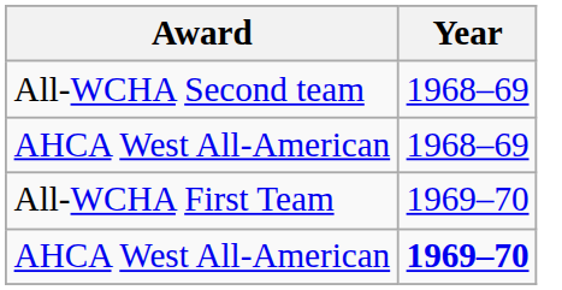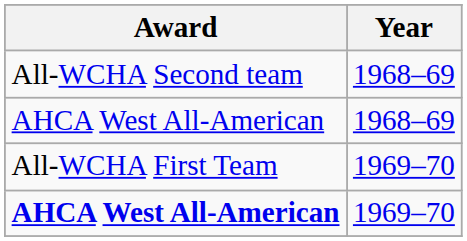 <table class="wikitable">
 <tr>
 <th>Award</th>
 <th>Year</th>
 </tr>
 <tr>
 <td>All-<a href='#'>WCHA</a> <a href='#'>Second team</a></td>
 <td><a href='#'>1968–69</a></td>
 </tr>
 <tr>
 <td><a href='#'>AHCA</a> <a href='#'>West All-American</a></td>
 <td><a href='#'>1968–69</a></td>
 </tr>
 <tr>
 <td>All-<a href='#'>WCHA</a> <a href='#'>First Team</a></td>
 <td><a href='#'>1969–70</a></td>
 </tr>
 <tr>
-<td><a href='#'>AHCA</a> <a href='#'>West All-American</a></td>
-<td><strong><a href='#'>1969–70</a></strong></td>
+<td><strong><a href='#'>AHCA</a> <a href='#'>West All-American</a></strong></td>
+<td><a href='#'>1969–70</a></td>
 </tr>
 </table>
